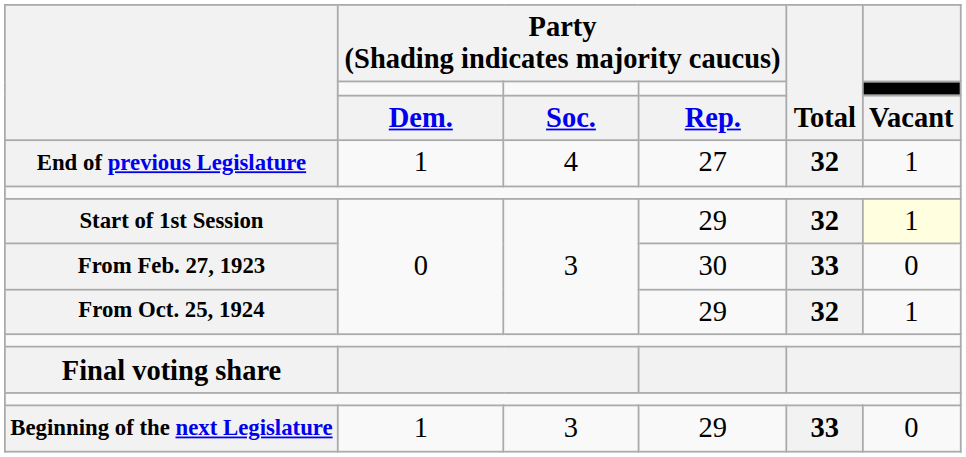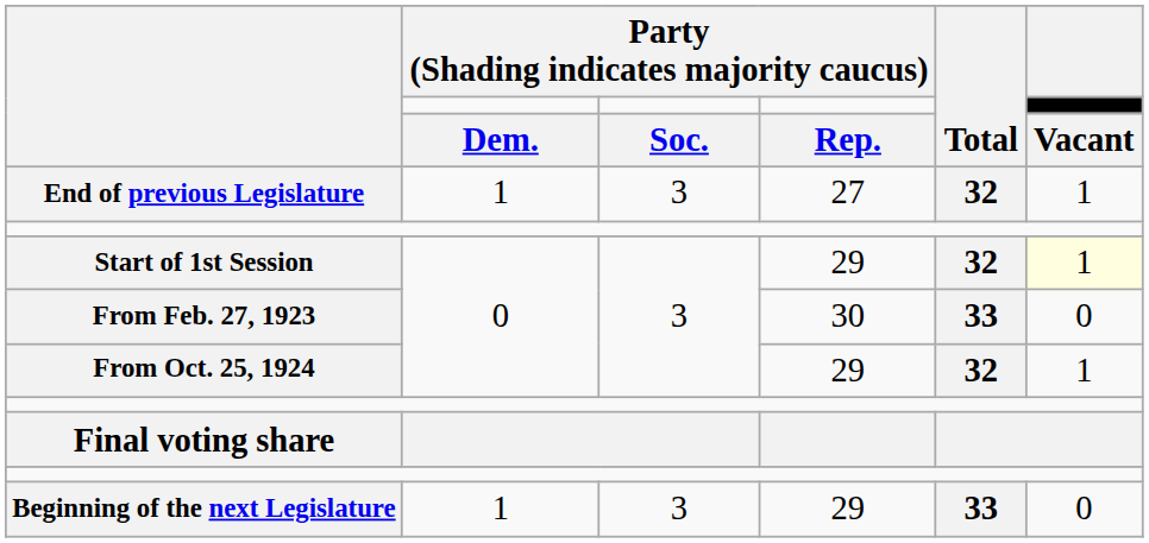 <table class=wikitable style="text-align:center">
 <tr style="vertical-align:bottom;">
 <th rowspan=3></th>
 <th colspan=3>Party <div>(Shading indicates majority caucus)</div></th>
 <th rowspan=3>Total</th>
 <th></th>
 </tr>
 <tr style="height:5px">
 <td style="background-color:"></td>
 <td style="background-color:"></td>
 <td style="background-color:"></td>
 <td style="background:black;"></td>
 </tr>
 <tr>
 <th><a href='#'>Dem.</a></th>
 <th><a href='#'>Soc.</a></th>
 <th><a href='#'>Rep.</a></th>
 <th>Vacant</th>
 </tr>
 <tr>
 <th style="font-size:80%;">End of <a href='#'>previous Legislature</a></th>
 <td>1</td>
-<td>4</td>
+<td>3</td>
 <td>27</td>
 <th>32</th>
 <td>1</td>
 </tr>
 <tr>
 <td colspan=6></td>
 </tr>
 <tr>
 <th style="font-size:80%;">Start of 1st Session</th>
 <td rowspan="3">0</td>
 <td rowspan="3">3</td>
 <td>29</td>
 <th>32</th>
 <td style="background: lightyellow;">1</td>
 </tr>
 <tr>
 <th style="font-size:80%;">From Feb. 27, 1923</th>
 <td>30</td>
 <th>33</th>
 <td>0</td>
 </tr>
 <tr>
 <th style="font-size:80%;">From Oct. 25, 1924</th>
 <td>29</td>
 <th>32</th>
 <td>1</td>
 </tr>
 <tr>
 <td colspan=6></td>
 </tr>
 <tr>
 <th>Final voting share</th>
 <th colspan=2></th>
 <th></th>
 <th colspan=2></th>
 </tr>
 <tr>
 <td colspan=6></td>
 </tr>
 <tr>
 <th style="font-size:80%;">Beginning of the <a href='#'>next Legislature</a></th>
 <td>1</td>
 <td>3</td>
 <td>29</td>
 <th>33</th>
 <td>0</td>
 </tr>
 </table>
